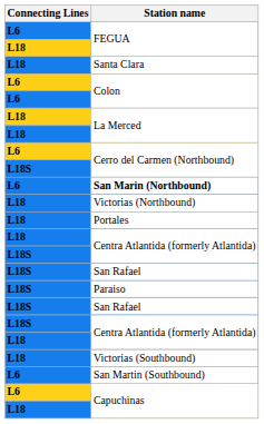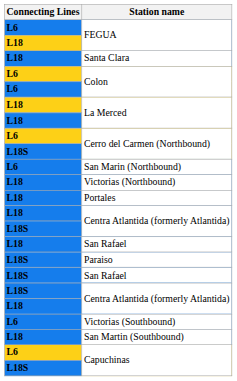 <table class="wikitable">
 <tr>
 <th>Connecting Lines</th>
 <th>Station name</th>
 </tr>
 <tr style="background-color:#157DEC;">
 <td><strong>L6</strong></td>
 <td rowspan="2" style="background-color:white;">FEGUA</td>
 </tr>
 <tr style="background-color:#FDD017;">
 <td><strong>L18</strong></td>
 </tr>
 <tr style="background-color:#157DEC;">
 <td><strong>L18</strong></td>
 <td style="background-color:white;">Santa Clara</td>
 </tr>
 <tr style="background-color:#FDD017;">
 <td><strong>L6</strong></td>
 <td rowspan="2" style="background-color:white;">Colon</td>
 </tr>
 <tr style="background-color:#157DEC;">
 <td><strong>L6</strong></td>
 </tr>
 <tr style="background-color:#FDD017;">
 <td><strong>L18</strong></td>
 <td rowspan="2" style="background-color:white;">La Merced</td>
 </tr>
 <tr style="background-color:#157DEC;">
 <td><strong>L18</strong></td>
 </tr>
 <tr style="background-color:#FDD017;">
 <td><strong>L6</strong></td>
 <td rowspan="2" style="background-color:white;">Cerro del Carmen (Northbound)</td>
 </tr>
 <tr style="background-color:#157DEC;">
 <td><strong>L18S</strong></td>
 </tr>
 <tr style="background-color:#157DEC;">
 <td><strong>L6</strong></td>
-<td rowspan="1" style="background-color:white;"><strong>San Marin (Northbound)</strong></td>
+<td rowspan="1" style="background-color:white;">San Marin (Northbound)</td>
 </tr>
 <tr style="background-color:#157DEC;">
 <td><strong>L18</strong></td>
 <td rowspan="1" style="background-color:white;">Victorias (Northbound)</td>
 </tr>
 <tr style="background-color:#157DEC;">
 <td><strong>L18</strong></td>
 <td rowspan="1" style="background-color:white;">Portales</td>
 </tr>
 <tr style="background-color:#157DEC;">
 <td><strong>L18</strong></td>
 <td rowspan="2" style="background-color:white;">Centra Atlantida (formerly Atlantida)</td>
 </tr>
 <tr style="background-color:#157DEC;">
 <td><strong>L18S</strong></td>
 </tr>
 <tr style="background-color:#157DEC;">
-<td><strong>L18S</strong></td>
+<td><strong>L18</strong></td>
 <td style="background-color:white;">San Rafael</td>
 </tr>
 <tr style="background-color:#157DEC;">
 <td><strong>L18S</strong></td>
 <td style="background-color:white;">Paraiso</td>
 </tr>
 <tr style="background-color:#157DEC;">
 <td><strong>L18S</strong></td>
 <td style="background-color:white;">San Rafael</td>
 </tr>
 <tr style="background-color:#157DEC;">
 <td><strong>L18S</strong></td>
 <td rowspan="2" style="background-color:white;">Centra Atlantida (formerly Atlantida)</td>
 </tr>
 <tr style="background-color:#157DEC;">
 <td><strong>L18</strong></td>
 </tr>
 <tr style="background-color:#157DEC;">
-<td><strong>L18</strong></td>
+<td><strong>L6</strong></td>
 <td rowspan="1" style="background-color:white;">Victorias (Southbound)</td>
 </tr>
 <tr style="background-color:#157DEC;">
-<td><strong>L6</strong></td>
+<td><strong>L18</strong></td>
 <td rowspan="1" style="background-color:white;">San Martin (Southbound)</td>
 </tr>
 <tr style="background-color:#FDD017;">
 <td><strong>L6</strong></td>
 <td rowspan="2" style="background-color:white;">Capuchinas</td>
 </tr>
 <tr style="background-color:#157DEC;">
-<td><strong>L18</strong></td>
+<td><strong>L18S</strong></td>
 </tr>
 </table>
